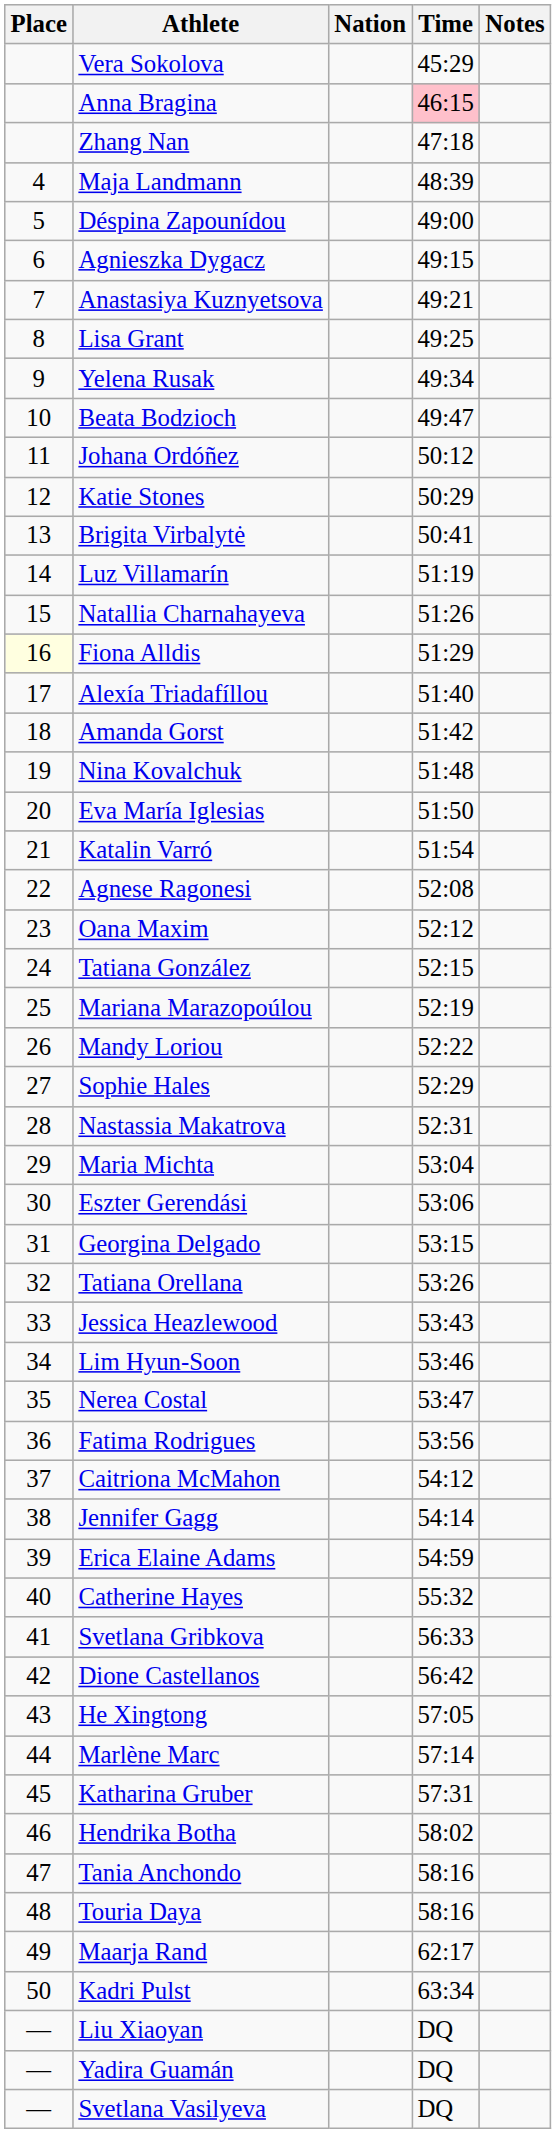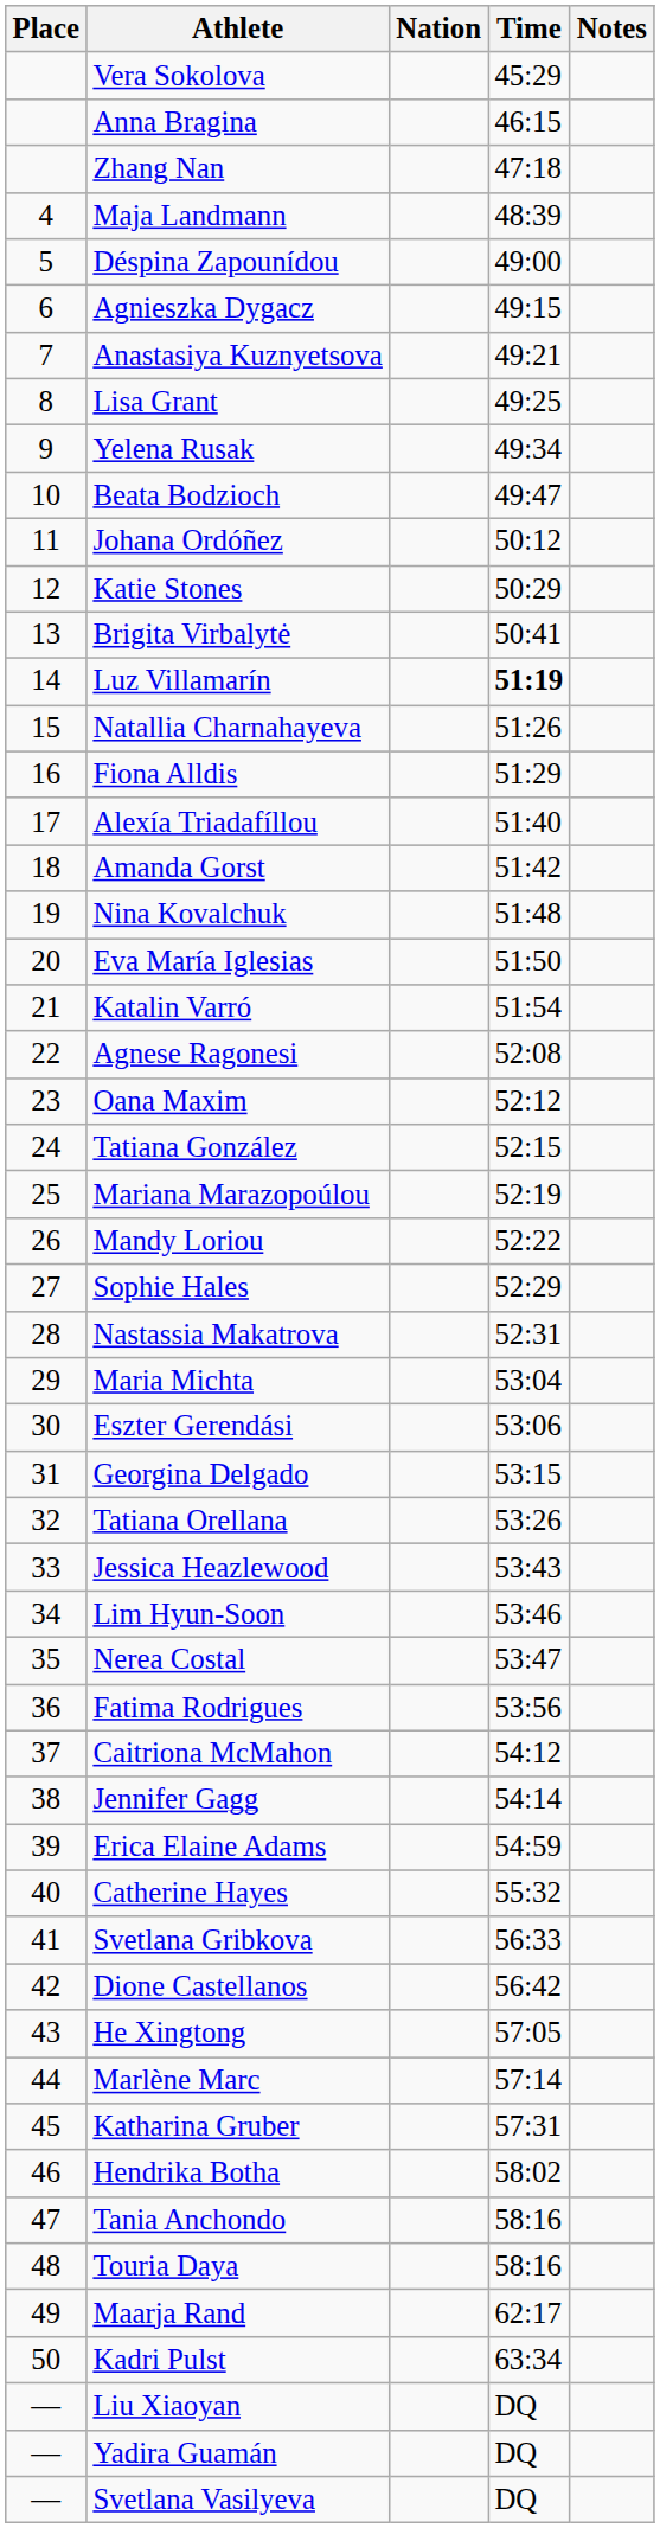 <table class=wikitable>
 <tr>
 <th>Place</th>
 <th>Athlete</th>
 <th>Nation</th>
 <th>Time</th>
 <th>Notes</th>
 </tr>
 <tr>
 <td align=center></td>
 <td><a href='#'>Vera Sokolova</a></td>
 <td></td>
 <td>45:29</td>
 <td></td>
 </tr>
 <tr>
 <td align=center></td>
 <td><a href='#'>Anna Bragina</a></td>
 <td></td>
-<td style="background: pink;">46:15</td>
+<td>46:15</td>
 <td></td>
 </tr>
 <tr>
 <td align=center></td>
 <td><a href='#'>Zhang Nan</a></td>
 <td></td>
 <td>47:18</td>
 <td></td>
 </tr>
 <tr>
 <td align=center>4</td>
 <td><a href='#'>Maja Landmann</a></td>
 <td></td>
 <td>48:39</td>
 <td></td>
 </tr>
 <tr>
 <td align=center>5</td>
 <td><a href='#'>Déspina Zapounídou</a></td>
 <td></td>
 <td>49:00</td>
 <td></td>
 </tr>
 <tr>
 <td align=center>6</td>
 <td><a href='#'>Agnieszka Dygacz</a></td>
 <td></td>
 <td>49:15</td>
 <td></td>
 </tr>
 <tr>
 <td align=center>7</td>
 <td><a href='#'>Anastasiya Kuznyetsova</a></td>
 <td></td>
 <td>49:21</td>
 <td></td>
 </tr>
 <tr>
 <td align=center>8</td>
 <td><a href='#'>Lisa Grant</a></td>
 <td></td>
 <td>49:25</td>
 <td></td>
 </tr>
 <tr>
 <td align=center>9</td>
 <td><a href='#'>Yelena Rusak</a></td>
 <td></td>
 <td>49:34</td>
 <td></td>
 </tr>
 <tr>
 <td align=center>10</td>
 <td><a href='#'>Beata Bodzioch</a></td>
 <td></td>
 <td>49:47</td>
 <td></td>
 </tr>
 <tr>
 <td align=center>11</td>
 <td><a href='#'>Johana Ordóñez</a></td>
 <td></td>
 <td>50:12</td>
 <td></td>
 </tr>
 <tr>
 <td align=center>12</td>
 <td><a href='#'>Katie Stones</a></td>
 <td></td>
 <td>50:29</td>
 <td></td>
 </tr>
 <tr>
 <td align=center>13</td>
 <td><a href='#'>Brigita Virbalytė</a></td>
 <td></td>
 <td>50:41</td>
 <td></td>
 </tr>
 <tr>
 <td align=center>14</td>
 <td><a href='#'>Luz Villamarín</a></td>
 <td></td>
-<td>51:19</td>
+<td><strong>51:19</strong></td>
 <td></td>
 </tr>
 <tr>
 <td align=center>15</td>
 <td><a href='#'>Natallia Charnahayeva</a></td>
 <td></td>
 <td>51:26</td>
 <td></td>
 </tr>
 <tr>
-<td align=center style="background: lightyellow;">16</td>
+<td align=center>16</td>
 <td><a href='#'>Fiona Alldis</a></td>
 <td></td>
 <td>51:29</td>
 <td></td>
 </tr>
 <tr>
 <td align=center>17</td>
 <td><a href='#'>Alexía Triadafíllou</a></td>
 <td></td>
 <td>51:40</td>
 <td></td>
 </tr>
 <tr>
 <td align=center>18</td>
 <td><a href='#'>Amanda Gorst</a></td>
 <td></td>
 <td>51:42</td>
 <td></td>
 </tr>
 <tr>
 <td align=center>19</td>
 <td><a href='#'>Nina Kovalchuk</a></td>
 <td></td>
 <td>51:48</td>
 <td></td>
 </tr>
 <tr>
 <td align=center>20</td>
 <td><a href='#'>Eva María Iglesias</a></td>
 <td></td>
 <td>51:50</td>
 <td></td>
 </tr>
 <tr>
 <td align=center>21</td>
 <td><a href='#'>Katalin Varró</a></td>
 <td></td>
 <td>51:54</td>
 <td></td>
 </tr>
 <tr>
 <td align=center>22</td>
 <td><a href='#'>Agnese Ragonesi</a></td>
 <td></td>
 <td>52:08</td>
 <td></td>
 </tr>
 <tr>
 <td align=center>23</td>
 <td><a href='#'>Oana Maxim</a></td>
 <td></td>
 <td>52:12</td>
 <td></td>
 </tr>
 <tr>
 <td align=center>24</td>
 <td><a href='#'>Tatiana González</a></td>
 <td></td>
 <td>52:15</td>
 <td></td>
 </tr>
 <tr>
 <td align=center>25</td>
 <td><a href='#'>Mariana Marazopoúlou</a></td>
 <td></td>
 <td>52:19</td>
 <td></td>
 </tr>
 <tr>
 <td align=center>26</td>
 <td><a href='#'>Mandy Loriou</a></td>
 <td></td>
 <td>52:22</td>
 <td></td>
 </tr>
 <tr>
 <td align=center>27</td>
 <td><a href='#'>Sophie Hales</a></td>
 <td></td>
 <td>52:29</td>
 <td></td>
 </tr>
 <tr>
 <td align=center>28</td>
 <td><a href='#'>Nastassia Makatrova</a></td>
 <td></td>
 <td>52:31</td>
 <td></td>
 </tr>
 <tr>
 <td align=center>29</td>
 <td><a href='#'>Maria Michta</a></td>
 <td></td>
 <td>53:04</td>
 <td></td>
 </tr>
 <tr>
 <td align=center>30</td>
 <td><a href='#'>Eszter Gerendási</a></td>
 <td></td>
 <td>53:06</td>
 <td></td>
 </tr>
 <tr>
 <td align=center>31</td>
 <td><a href='#'>Georgina Delgado</a></td>
 <td></td>
 <td>53:15</td>
 <td></td>
 </tr>
 <tr>
 <td align=center>32</td>
 <td><a href='#'>Tatiana Orellana</a></td>
 <td></td>
 <td>53:26</td>
 <td></td>
 </tr>
 <tr>
 <td align=center>33</td>
 <td><a href='#'>Jessica Heazlewood</a></td>
 <td></td>
 <td>53:43</td>
 <td></td>
 </tr>
 <tr>
 <td align=center>34</td>
 <td><a href='#'>Lim Hyun-Soon</a></td>
 <td></td>
 <td>53:46</td>
 <td></td>
 </tr>
 <tr>
 <td align=center>35</td>
 <td><a href='#'>Nerea Costal</a></td>
 <td></td>
 <td>53:47</td>
 <td></td>
 </tr>
 <tr>
 <td align=center>36</td>
 <td><a href='#'>Fatima Rodrigues</a></td>
 <td></td>
 <td>53:56</td>
 <td></td>
 </tr>
 <tr>
 <td align=center>37</td>
 <td><a href='#'>Caitriona McMahon</a></td>
 <td></td>
 <td>54:12</td>
 <td></td>
 </tr>
 <tr>
 <td align=center>38</td>
 <td><a href='#'>Jennifer Gagg</a></td>
 <td></td>
 <td>54:14</td>
 <td></td>
 </tr>
 <tr>
 <td align=center>39</td>
 <td><a href='#'>Erica Elaine Adams</a></td>
 <td></td>
 <td>54:59</td>
 <td></td>
 </tr>
 <tr>
 <td align=center>40</td>
 <td><a href='#'>Catherine Hayes</a></td>
 <td></td>
 <td>55:32</td>
 <td></td>
 </tr>
 <tr>
 <td align=center>41</td>
 <td><a href='#'>Svetlana Gribkova</a></td>
 <td></td>
 <td>56:33</td>
 <td></td>
 </tr>
 <tr>
 <td align=center>42</td>
 <td><a href='#'>Dione Castellanos</a></td>
 <td></td>
 <td>56:42</td>
 <td></td>
 </tr>
 <tr>
 <td align=center>43</td>
 <td><a href='#'>He Xingtong</a></td>
 <td></td>
 <td>57:05</td>
 <td></td>
 </tr>
 <tr>
 <td align=center>44</td>
 <td><a href='#'>Marlène Marc</a></td>
 <td></td>
 <td>57:14</td>
 <td></td>
 </tr>
 <tr>
 <td align=center>45</td>
 <td><a href='#'>Katharina Gruber</a></td>
 <td></td>
 <td>57:31</td>
 <td></td>
 </tr>
 <tr>
 <td align=center>46</td>
 <td><a href='#'>Hendrika Botha</a></td>
 <td></td>
 <td>58:02</td>
 <td></td>
 </tr>
 <tr>
 <td align=center>47</td>
 <td><a href='#'>Tania Anchondo</a></td>
 <td></td>
 <td>58:16</td>
 <td></td>
 </tr>
 <tr>
 <td align=center>48</td>
 <td><a href='#'>Touria Daya</a></td>
 <td></td>
 <td>58:16</td>
 <td></td>
 </tr>
 <tr>
 <td align=center>49</td>
 <td><a href='#'>Maarja Rand</a></td>
 <td></td>
 <td>62:17</td>
 <td></td>
 </tr>
 <tr>
 <td align=center>50</td>
 <td><a href='#'>Kadri Pulst</a></td>
 <td></td>
 <td>63:34</td>
 <td></td>
 </tr>
 <tr>
 <td align=center>—</td>
 <td><a href='#'>Liu Xiaoyan</a></td>
 <td></td>
 <td>DQ</td>
 <td></td>
 </tr>
 <tr>
 <td align=center>—</td>
 <td><a href='#'>Yadira Guamán</a></td>
 <td></td>
 <td>DQ</td>
 <td></td>
 </tr>
 <tr>
 <td align=center>—</td>
 <td><a href='#'>Svetlana Vasilyeva</a></td>
 <td></td>
 <td>DQ</td>
 <td></td>
 </tr>
 </table>
